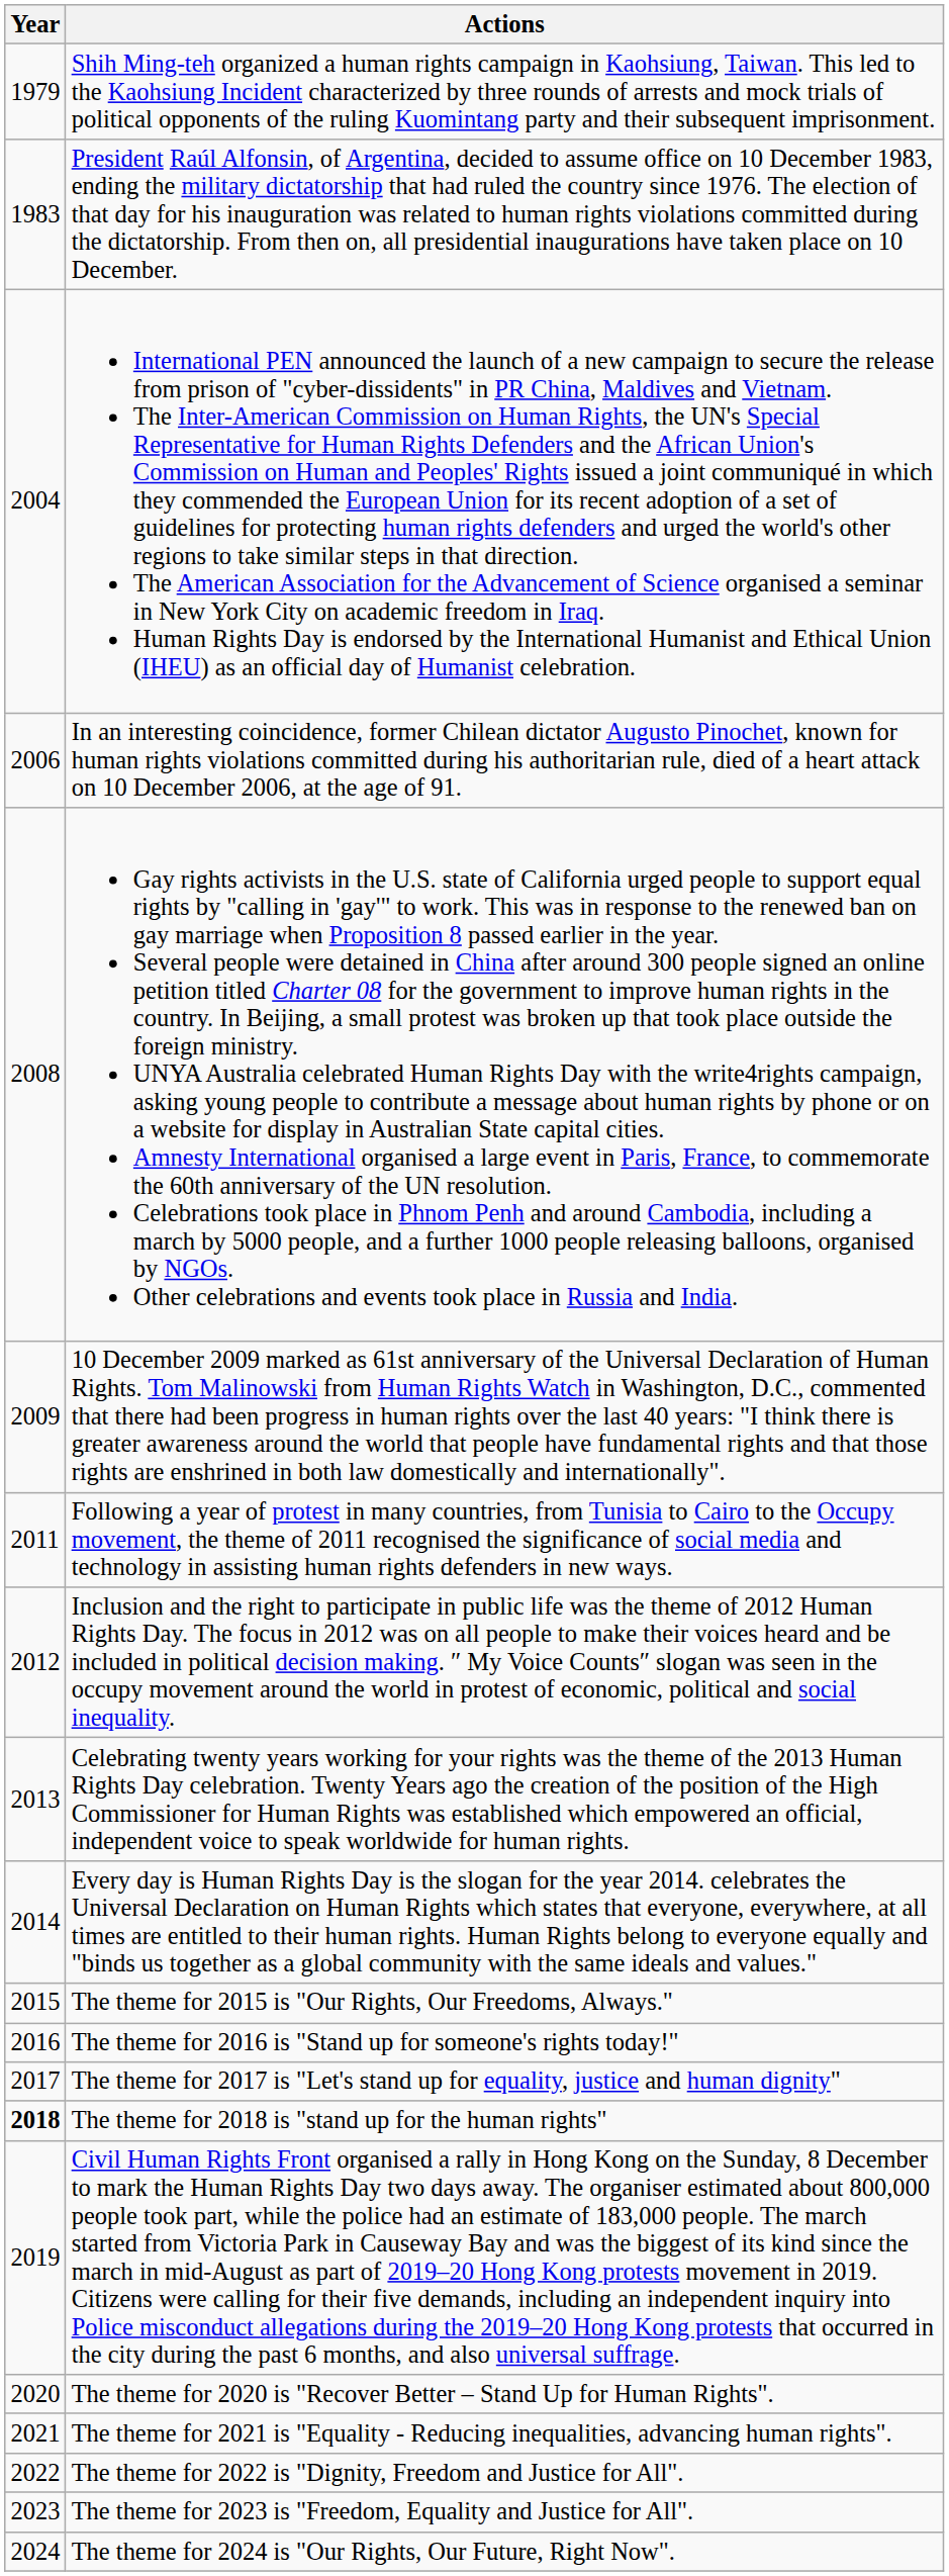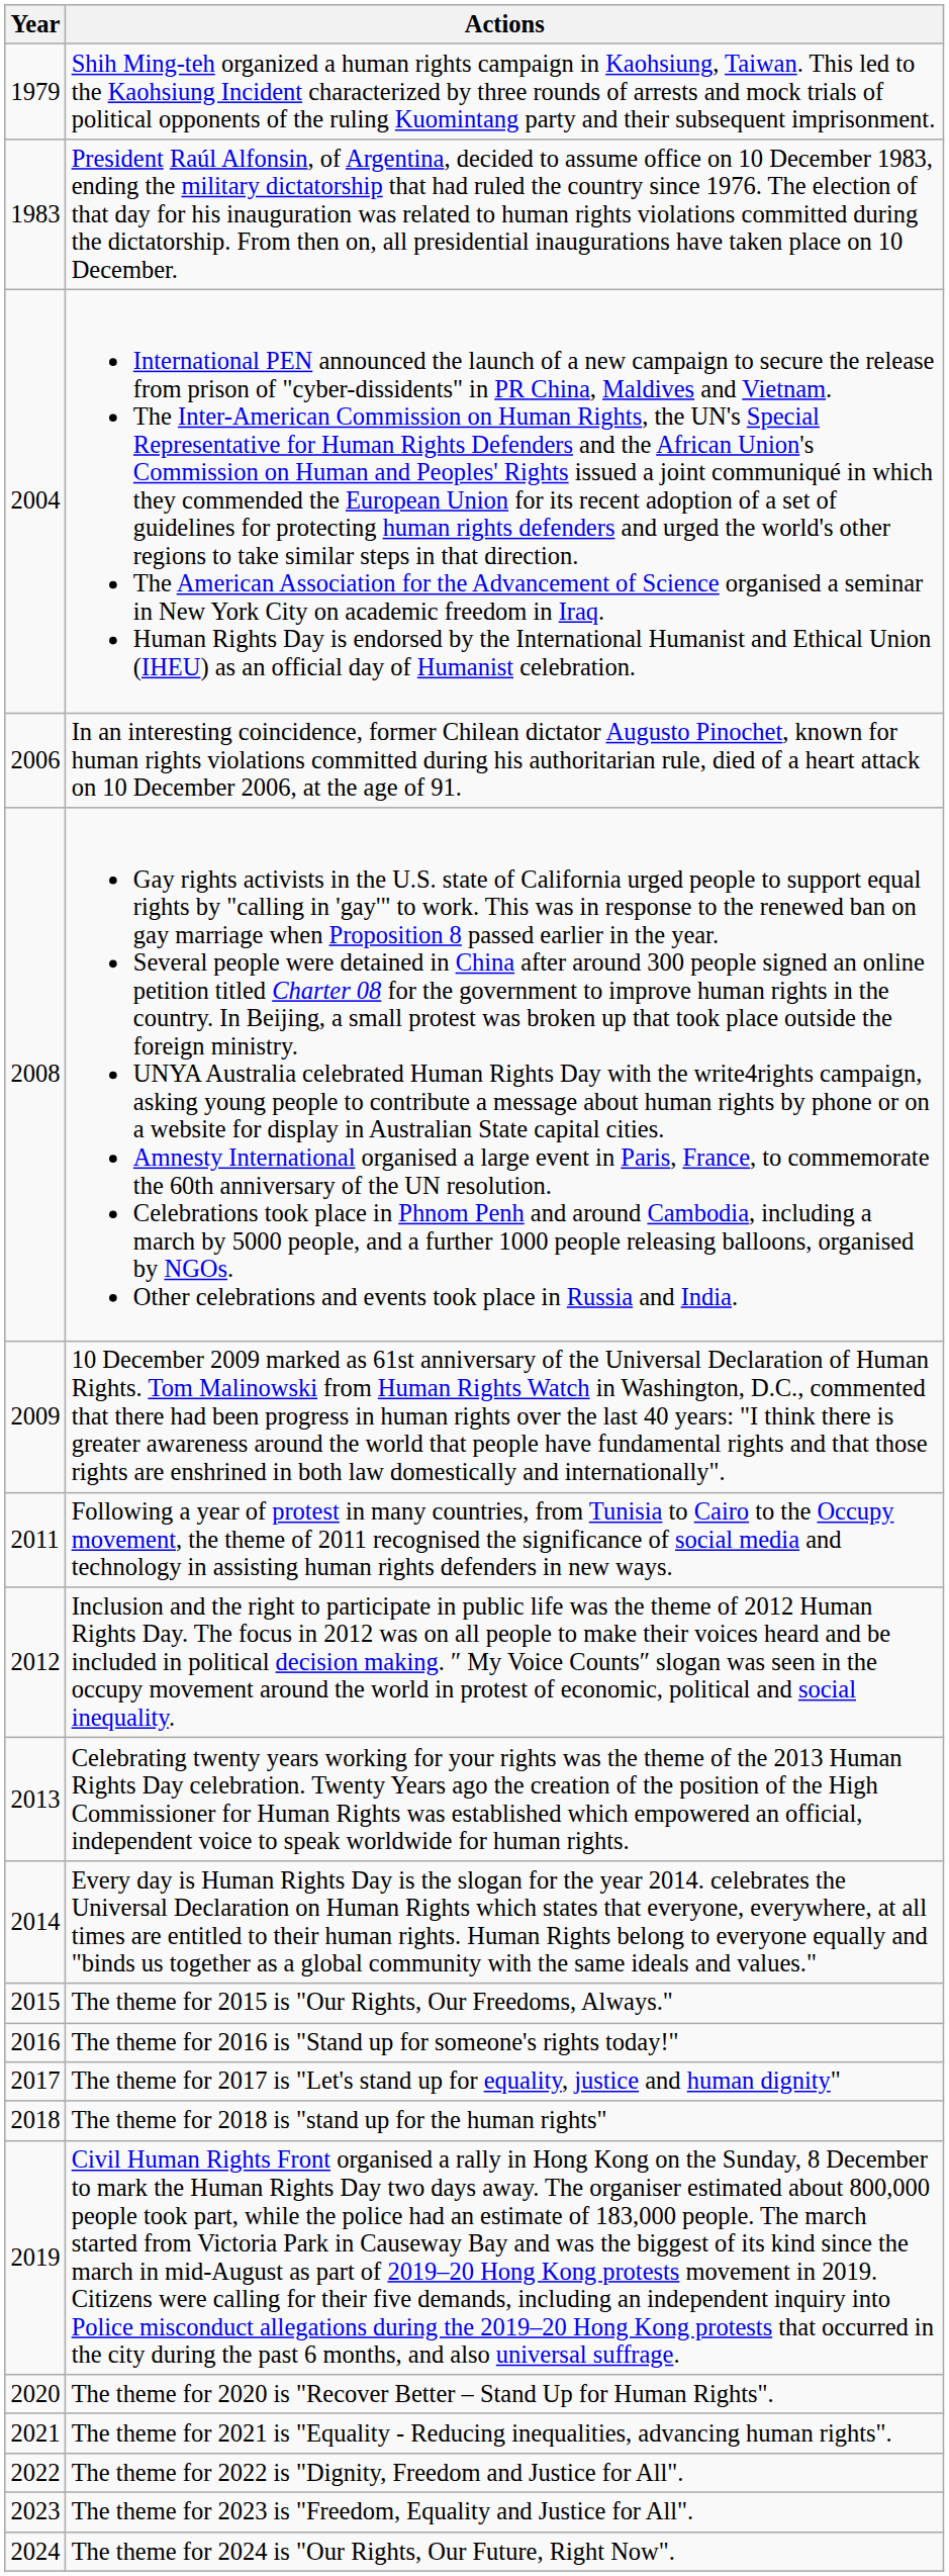 <table class="wikitable">
 <tr>
 <th>Year</th>
 <th>Actions</th>
 </tr>
 <tr>
 <td>1979</td>
 <td><a href='#'>Shih Ming-teh</a> organized a human rights campaign in <a href='#'>Kaohsiung</a>, <a href='#'>Taiwan</a>. This led to the <a href='#'>Kaohsiung Incident</a> characterized by three rounds of arrests and mock trials of political opponents of the ruling <a href='#'>Kuomintang</a> party and their subsequent imprisonment.</td>
 </tr>
 <tr>
 <td>1983</td>
 <td><a href='#'>President</a> <a href='#'>Raúl Alfonsin</a>, of <a href='#'>Argentina</a>, decided to assume office on 10 December 1983, ending the <a href='#'>military dictatorship</a> that had ruled the country since 1976. The election of that day for his inauguration was related to human rights violations committed during the dictatorship. From then on, all presidential inaugurations have taken place on 10 December.</td>
 </tr>
 <tr>
 <td>2004</td>
 <td><br><ul><li><a href='#'>International PEN</a> announced the launch of a new campaign to secure the release from prison of "cyber-dissidents" in <a href='#'>PR China</a>, <a href='#'>Maldives</a> and <a href='#'>Vietnam</a>.</li><li>The <a href='#'>Inter-American Commission on Human Rights</a>, the UN's <a href='#'>Special Representative for Human Rights Defenders</a> and the <a href='#'>African Union</a>'s <a href='#'>Commission on Human and Peoples' Rights</a> issued a joint communiqué in which they commended the <a href='#'>European Union</a> for its recent adoption of a set of guidelines for protecting <a href='#'>human rights defenders</a> and urged the world's other regions to take similar steps in that direction.</li><li>The <a href='#'>American Association for the Advancement of Science</a> organised a seminar in New York City on academic freedom in <a href='#'>Iraq</a>.</li><li>Human Rights Day is endorsed by the International Humanist and Ethical Union (<a href='#'>IHEU</a>) as an official day of <a href='#'>Humanist</a> celebration.</li></ul></td>
 </tr>
 <tr>
 <td>2006</td>
 <td>In an interesting coincidence, former Chilean dictator <a href='#'>Augusto Pinochet</a>, known for human rights violations committed during his authoritarian rule, died of a heart attack on 10 December 2006, at the age of 91.</td>
 </tr>
 <tr>
 <td>2008</td>
 <td><br><ul><li>Gay rights activists in the U.S. state of California urged people to support equal rights by "calling in 'gay'" to work. This was in response to the renewed ban on gay marriage when <a href='#'>Proposition 8</a> passed earlier in the year.</li><li>Several people were detained in <a href='#'>China</a> after around 300 people signed an online petition titled <em><a href='#'>Charter 08</a></em> for the government to improve human rights in the country. In Beijing, a small protest was broken up that took place outside the foreign ministry.</li><li>UNYA Australia celebrated Human Rights Day with the write4rights campaign, asking young people to contribute a message about human rights by phone or on a website for display in Australian State capital cities.</li><li><a href='#'>Amnesty International</a> organised a large event in <a href='#'>Paris</a>, <a href='#'>France</a>, to commemorate the 60th anniversary of the UN resolution.</li><li>Celebrations took place in <a href='#'>Phnom Penh</a> and around <a href='#'>Cambodia</a>, including a march by 5000 people, and a further 1000 people releasing balloons, organised by <a href='#'>NGOs</a>.</li><li>Other celebrations and events took place in <a href='#'>Russia</a> and <a href='#'>India</a>.</li></ul></td>
 </tr>
 <tr>
 <td>2009</td>
 <td>10 December 2009 marked as 61st anniversary of the Universal Declaration of Human Rights. <a href='#'>Tom Malinowski</a> from <a href='#'>Human Rights Watch</a> in Washington, D.C., commented that there had been progress in human rights over the last 40 years: "I think there is greater awareness around the world that people have fundamental rights and that those rights are enshrined in both law domestically and internationally".</td>
 </tr>
 <tr>
 <td>2011</td>
 <td>Following a year of <a href='#'>protest</a> in many countries, from <a href='#'>Tunisia</a> to <a href='#'>Cairo</a> to the <a href='#'>Occupy movement</a>, the theme of 2011 recognised the significance of <a href='#'>social media</a> and technology in assisting human rights defenders in new ways.</td>
 </tr>
 <tr>
 <td>2012</td>
 <td>Inclusion and the right to participate in public life was the theme of 2012 Human Rights Day. The focus in 2012 was on all people to make their voices heard and be included in political <a href='#'>decision making</a>. ″ My Voice Counts″ slogan was seen in the occupy movement around the world in protest of economic, political and <a href='#'>social inequality</a>.</td>
 </tr>
 <tr>
 <td>2013</td>
 <td>Celebrating twenty years working for your rights was the theme of the 2013 Human Rights Day celebration. Twenty Years ago the creation of the position of the High Commissioner for Human Rights was established which empowered an official, independent voice to speak worldwide for human rights.</td>
 </tr>
 <tr>
 <td>2014</td>
 <td>Every day is Human Rights Day is the slogan for the year 2014.  celebrates the Universal Declaration on Human Rights which states that everyone, everywhere, at all times are entitled to their human rights. Human Rights belong to everyone equally and "binds us together as a global community with the same ideals and values."</td>
 </tr>
 <tr>
 <td>2015</td>
 <td>The theme for 2015 is "Our Rights, Our Freedoms, Always."</td>
 </tr>
 <tr>
 <td>2016</td>
 <td>The theme for 2016 is "Stand up for someone's rights today!"</td>
 </tr>
 <tr>
 <td>2017</td>
 <td>The theme for 2017 is "Let's stand up for <a href='#'>equality</a>, <a href='#'>justice</a> and <a href='#'>human dignity</a>"</td>
 </tr>
 <tr>
-<td><strong>2018</strong></td>
+<td>2018</td>
 <td>The theme for 2018 is "stand up for the human rights"</td>
 </tr>
 <tr>
 <td>2019</td>
 <td><a href='#'>Civil Human Rights Front</a> organised a rally in Hong Kong on the Sunday, 8 December to mark the Human Rights Day two days away.  The organiser estimated about 800,000 people took part, while the police had an estimate of 183,000 people.  The march started from Victoria Park in Causeway Bay and was the biggest of its kind since the march in mid-August as part of <a href='#'>2019–20 Hong Kong protests</a> movement in 2019. Citizens were calling for their five demands, including an independent inquiry into <a href='#'>Police misconduct allegations during the 2019–20 Hong Kong protests</a> that occurred in the city during the past 6 months, and also <a href='#'>universal suffrage</a>.</td>
 </tr>
 <tr>
 <td>2020</td>
 <td>The theme for 2020 is "Recover Better – Stand Up for Human Rights".</td>
 </tr>
 <tr>
 <td>2021</td>
 <td>The theme for 2021 is "Equality - Reducing inequalities, advancing human rights".</td>
 </tr>
 <tr>
 <td>2022</td>
 <td>The theme for 2022 is "Dignity, Freedom and Justice for All".</td>
 </tr>
 <tr>
 <td>2023</td>
 <td>The theme for 2023 is "Freedom, Equality and Justice for All".</td>
 </tr>
 <tr>
 <td>2024</td>
 <td>The theme for 2024 is "Our Rights, Our Future, Right Now".</td>
 </tr>
 </table>
